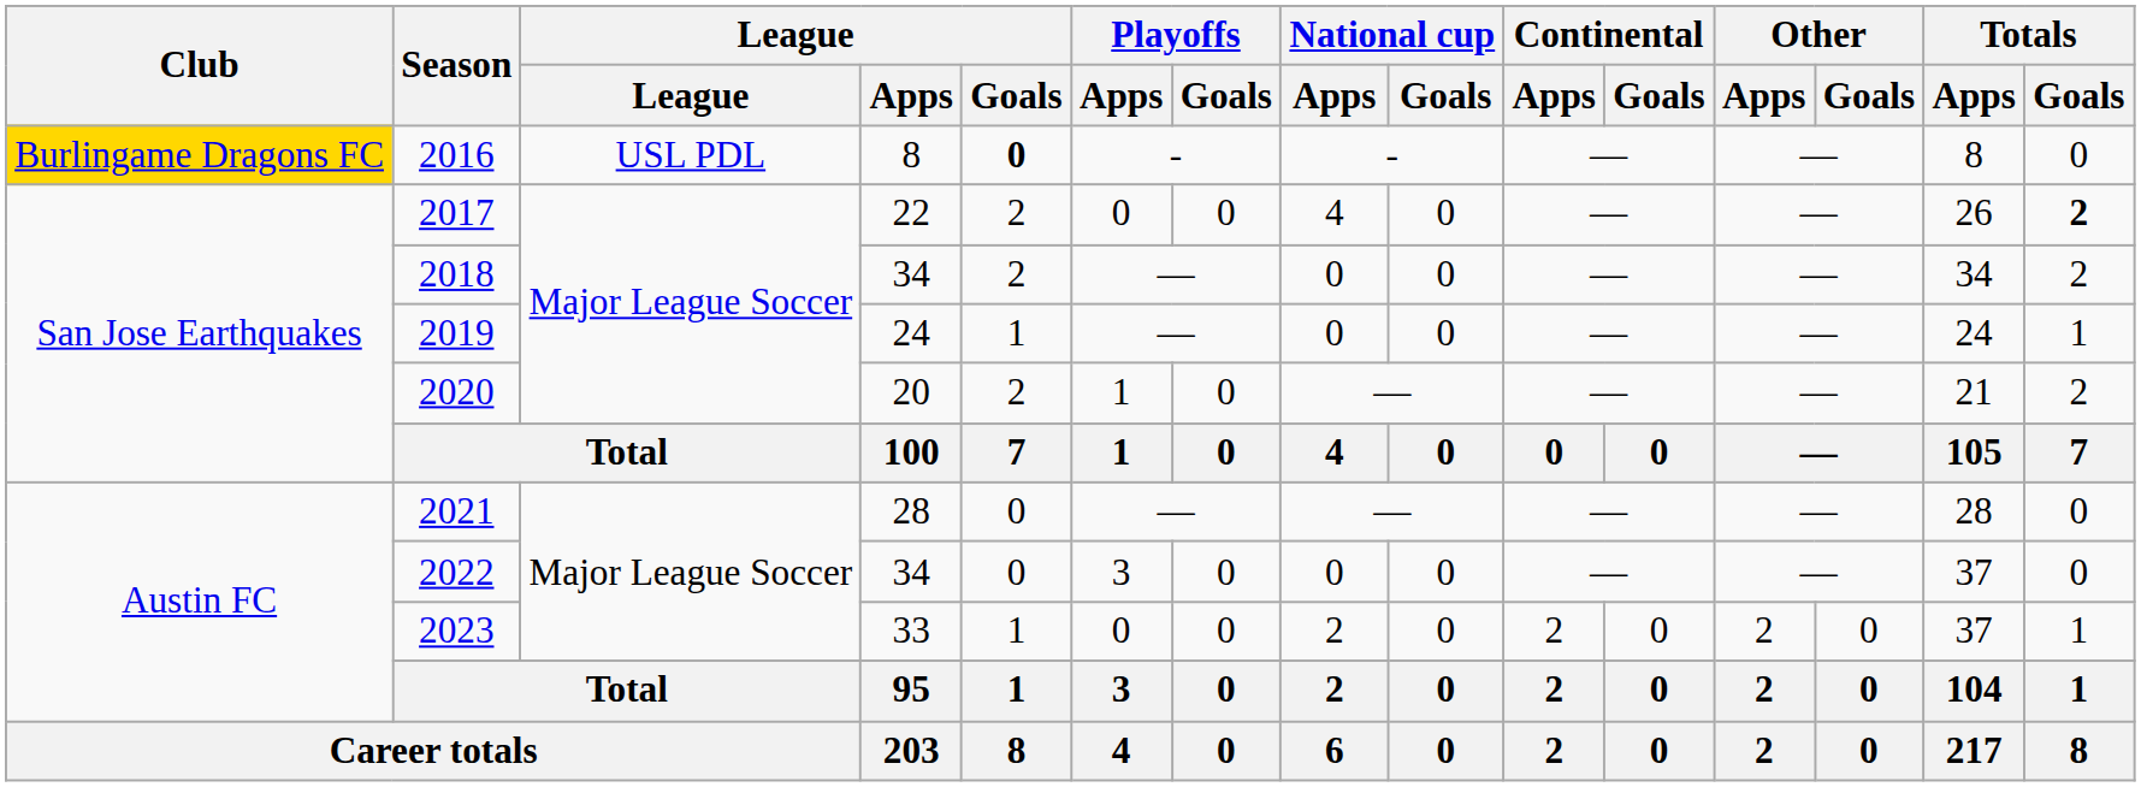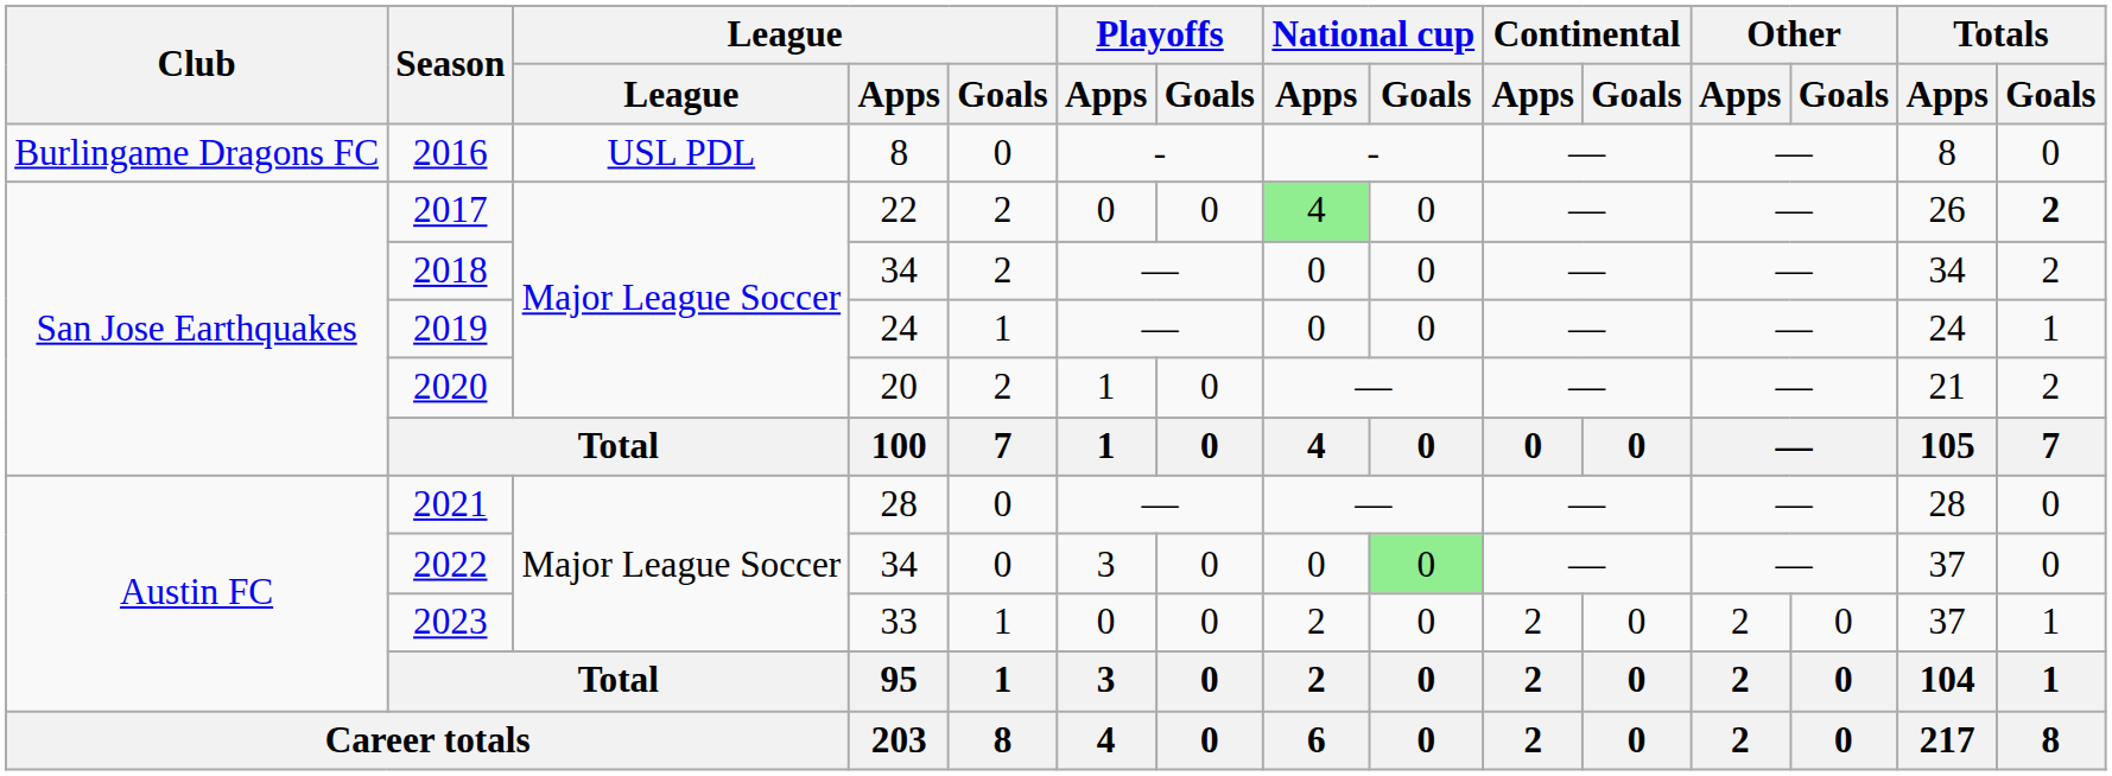 <table class="wikitable" Style="text-align: center">
 <tr>
 <th rowspan="2">Club</th>
 <th rowspan="2">Season</th>
 <th colspan="3">League</th>
 <th colspan="2"><a href='#'>Playoffs</a></th>
 <th colspan="2"><a href='#'>National cup</a></th>
 <th colspan="2">Continental</th>
 <th colspan="2">Other</th>
 <th colspan="2">Totals</th>
 </tr>
 <tr>
 <th>League</th>
 <th>Apps</th>
 <th>Goals</th>
 <th>Apps</th>
 <th>Goals</th>
 <th>Apps</th>
 <th>Goals</th>
 <th>Apps</th>
 <th>Goals</th>
 <th>Apps</th>
 <th>Goals</th>
 <th>Apps</th>
 <th>Goals</th>
 </tr>
 <tr>
-<td style="background: gold;"><a href='#'>Burlingame Dragons FC</a></td>
+<td><a href='#'>Burlingame Dragons FC</a></td>
 <td><a href='#'>2016</a></td>
 <td><a href='#'>USL PDL</a></td>
 <td>8</td>
-<td><strong>0</strong></td>
+<td>0</td>
 <td colspan=2>-</td>
 <td colspan=2>-</td>
 <td colspan=2>—</td>
 <td colspan=2>—</td>
 <td>8</td>
 <td>0</td>
 </tr>
 <tr>
 <td rowspan="5"><a href='#'>San Jose Earthquakes</a></td>
 <td><a href='#'>2017</a></td>
 <td rowspan="4"><a href='#'>Major League Soccer</a></td>
 <td>22</td>
 <td>2</td>
 <td>0</td>
 <td>0</td>
-<td>4</td>
+<td style="background: lightgreen;">4</td>
 <td>0</td>
 <td colspan=2>—</td>
 <td colspan=2>—</td>
 <td>26</td>
 <td><strong>2</strong></td>
 </tr>
 <tr>
 <td><a href='#'>2018</a></td>
 <td>34</td>
 <td>2</td>
 <td colspan=2>—</td>
 <td>0</td>
 <td>0</td>
 <td colspan=2>—</td>
 <td colspan=2>—</td>
 <td>34</td>
 <td>2</td>
 </tr>
 <tr>
 <td><a href='#'>2019</a></td>
 <td>24</td>
 <td>1</td>
 <td colspan=2>—</td>
 <td>0</td>
 <td>0</td>
 <td colspan=2>—</td>
 <td colspan=2>—</td>
 <td>24</td>
 <td>1</td>
 </tr>
 <tr>
 <td><a href='#'>2020</a></td>
 <td>20</td>
 <td>2</td>
 <td>1</td>
 <td>0</td>
 <td colspan=2>—</td>
 <td colspan=2>—</td>
 <td colspan=2>—</td>
 <td>21</td>
 <td>2</td>
 </tr>
 <tr>
 <th colspan="2">Total</th>
 <th>100</th>
 <th>7</th>
 <th>1</th>
 <th>0</th>
 <th>4</th>
 <th>0</th>
 <th>0</th>
 <th>0</th>
 <th colspan=2>—</th>
 <th>105</th>
 <th>7</th>
 </tr>
 <tr>
 <td rowspan=4><a href='#'>Austin FC</a></td>
 <td><a href='#'>2021</a></td>
 <td rowspan=3>Major League Soccer</td>
 <td>28</td>
 <td>0</td>
 <td colspan=2>—</td>
 <td colspan=2>—</td>
 <td colspan=2>—</td>
 <td colspan=2>—</td>
 <td>28</td>
 <td>0</td>
 </tr>
 <tr>
 <td><a href='#'>2022</a></td>
 <td>34</td>
 <td>0</td>
 <td>3</td>
 <td>0</td>
 <td>0</td>
-<td>0</td>
+<td style="background: lightgreen;">0</td>
 <td colspan=2>—</td>
 <td colspan=2>—</td>
 <td>37</td>
 <td>0</td>
 </tr>
 <tr>
 <td><a href='#'>2023</a></td>
 <td>33</td>
 <td>1</td>
 <td>0</td>
 <td>0</td>
 <td>2</td>
 <td>0</td>
 <td>2</td>
 <td>0</td>
 <td>2</td>
 <td>0</td>
 <td>37</td>
 <td>1</td>
 </tr>
 <tr>
 <th colspan=2>Total</th>
 <th>95</th>
 <th>1</th>
 <th>3</th>
 <th>0</th>
 <th>2</th>
 <th>0</th>
 <th>2</th>
 <th>0</th>
 <th>2</th>
 <th>0</th>
 <th>104</th>
 <th>1</th>
 </tr>
 <tr>
 <th colspan="3">Career totals</th>
 <th>203</th>
 <th>8</th>
 <th>4</th>
 <th>0</th>
 <th>6</th>
 <th>0</th>
 <th>2</th>
 <th>0</th>
 <th>2</th>
 <th>0</th>
 <th>217</th>
 <th>8</th>
 </tr>
 </table>
